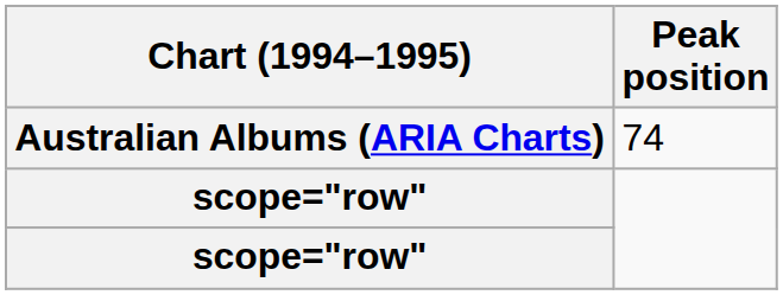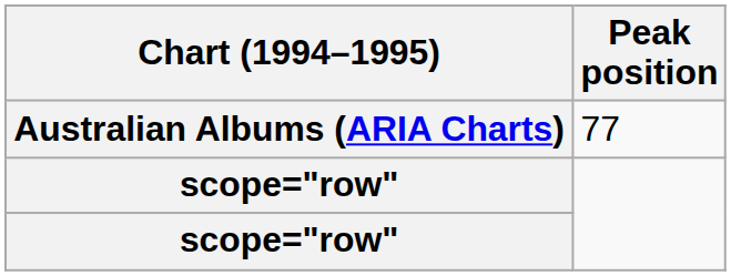 <table class="wikitable plainrowheaders sortable">
 <tr>
 <th scope="col">Chart (1994–1995)</th>
 <th scope="col">Peak<br>position</th>
 </tr>
 <tr>
 <th scope="row">Australian Albums (<a href='#'>ARIA Charts</a>)</th>
-<td>74</td>
+<td>77</td>
 </tr>
 <tr>
 <th>scope="row" </th>
 </tr>
 <tr>
 <th>scope="row" </th>
 </tr>
 </table>
